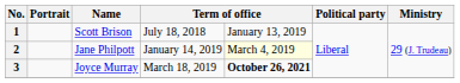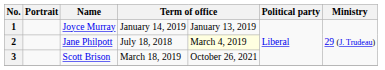 <table class="wikitable">
 <tr>
 <th>No.</th>
 <th>Portrait</th>
 <th>Name</th>
 <th colspan=2>Term of office</th>
 <th>Political party</th>
 <th>Ministry</th>
 </tr>
 <tr>
 <th style="background:">1</th>
 <td></td>
-<td><a href='#'>Scott Brison</a></td>
-<td>July 18, 2018</td>
+<td><a href='#'>Joyce Murray</a></td>
+<td>January 14, 2019</td>
 <td>January 13, 2019</td>
 <td rowspan="3"><a href='#'>Liberal</a></td>
 <td rowspan="3"><a href='#'>29</a> <small>(<a href='#'>J. Trudeau</a>)</small></td>
 </tr>
 <tr>
 <th style="background:">2</th>
 <td></td>
 <td><a href='#'>Jane Philpott</a></td>
-<td>January 14, 2019</td>
+<td>July 18, 2018</td>
 <td style="background: lightyellow;">March 4, 2019</td>
 </tr>
 <tr>
 <th style="background:">3</th>
 <td></td>
-<td><a href='#'>Joyce Murray</a></td>
+<td><a href='#'>Scott Brison</a></td>
 <td>March 18, 2019</td>
-<td><strong>October 26, 2021</strong></td>
+<td>October 26, 2021</td>
 </tr>
 <tr>
 </tr>
 </table>
